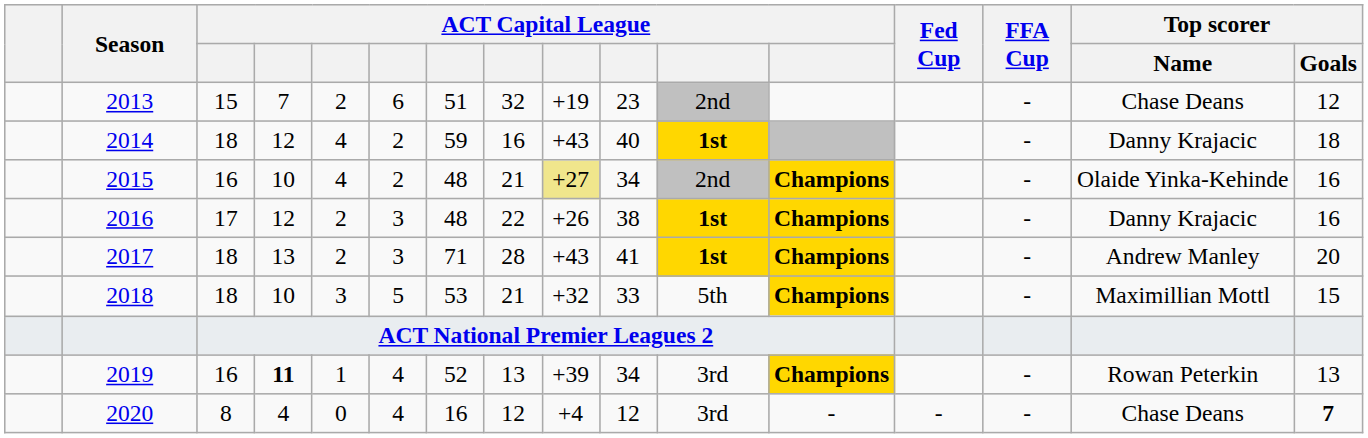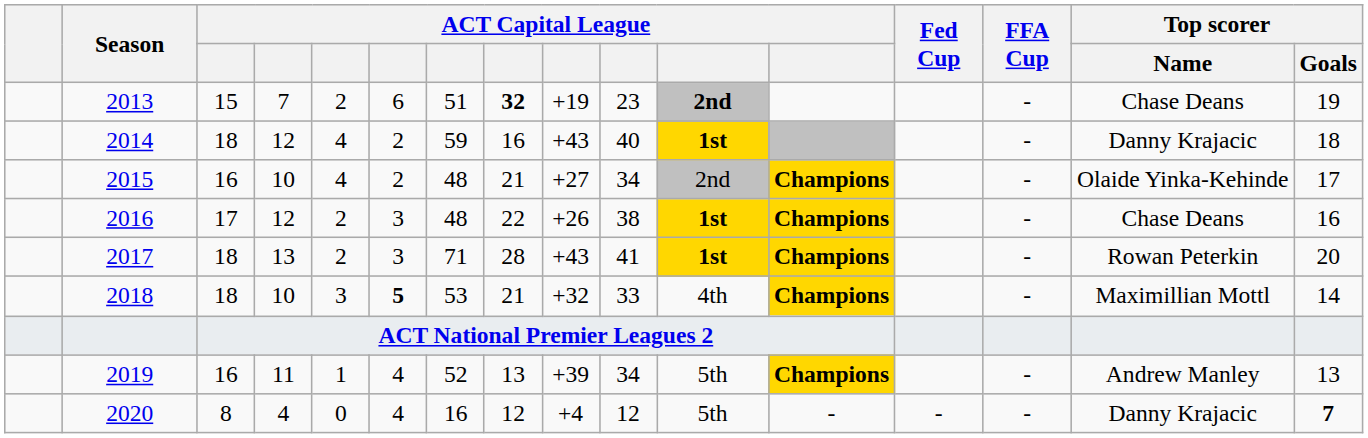 <table class="wikitable" style="text-align:center;font-size:95%;">
 <tr>
 <th rowspan="2" style="width:30px"></th>
 <th rowspan="2" style="width:80px">Season</th>
 <th colspan="10"><a href='#'>ACT Capital League</a></th>
 <th rowspan="2" width="50px"><a href='#'>Fed<br>Cup</a></th>
 <th rowspan="2" width="50px"><a href='#'>FFA<br>Cup</a></th>
 <th colspan="2">Top scorer</th>
 </tr>
 <tr>
 <th width=30></th>
 <th width=30></th>
 <th width=30></th>
 <th width=30></th>
 <th width=30></th>
 <th width=30></th>
 <th width=30></th>
 <th width=30></th>
 <th width=65></th>
 <th width=65></th>
 <th>Name</th>
 <th>Goals</th>
 </tr>
 <tr>
 <td></td>
 <td><a href='#'>2013</a></td>
 <td>15</td>
 <td>7</td>
 <td>2</td>
 <td>6</td>
 <td>51</td>
-<td>32</td>
+<td><strong>32</strong></td>
 <td>+19</td>
 <td>23</td>
-<td bgcolor="silver">2nd</td>
+<td bgcolor="silver"><strong>2nd</strong></td>
 <td></td>
 <td></td>
 <td>-</td>
 <td>Chase Deans</td>
-<td>12</td>
+<td>19</td>
 </tr>
 <tr>
 <td></td>
 <td><a href='#'>2014</a></td>
 <td>18</td>
 <td>12</td>
 <td>4</td>
 <td>2</td>
 <td>59</td>
 <td>16</td>
 <td>+43</td>
 <td>40</td>
 <td bgcolor="gold"><strong>1st</strong></td>
 <td bgcolor="silver"></td>
 <td></td>
 <td>-</td>
 <td>Danny Krajacic</td>
 <td>18</td>
 </tr>
 <tr>
 <td></td>
 <td><a href='#'>2015</a></td>
 <td>16</td>
 <td>10</td>
 <td>4</td>
 <td>2</td>
 <td>48</td>
 <td>21</td>
-<td style="background: khaki;">+27</td>
+<td>+27</td>
 <td>34</td>
 <td bgcolor="silver">2nd</td>
 <td bgcolor="gold"><strong>Champions</strong></td>
 <td></td>
 <td>-</td>
 <td>Olaide Yinka-Kehinde</td>
-<td>16</td>
+<td>17</td>
 </tr>
 <tr>
 <td></td>
 <td><a href='#'>2016</a></td>
 <td>17</td>
 <td>12</td>
 <td>2</td>
 <td>3</td>
 <td>48</td>
 <td>22</td>
 <td>+26</td>
 <td>38</td>
 <td bgcolor="gold"><strong>1st</strong></td>
 <td bgcolor="gold"><strong>Champions</strong></td>
 <td></td>
 <td>-</td>
-<td>Danny Krajacic</td>
+<td>Chase Deans</td>
 <td>16</td>
 </tr>
 <tr>
 <td></td>
 <td><a href='#'>2017</a></td>
 <td>18</td>
 <td>13</td>
 <td>2</td>
 <td>3</td>
 <td>71</td>
 <td>28</td>
 <td>+43</td>
 <td>41</td>
 <td bgcolor="gold"><strong>1st</strong></td>
 <td bgcolor="gold"><strong>Champions</strong></td>
 <td></td>
 <td>-</td>
-<td>Andrew Manley</td>
+<td>Rowan Peterkin</td>
 <td>20</td>
 </tr>
 <tr>
 <td></td>
 <td><a href='#'>2018</a></td>
 <td>18</td>
 <td>10</td>
 <td>3</td>
-<td>5</td>
+<td><strong>5</strong></td>
 <td>53</td>
 <td>21</td>
 <td>+32</td>
 <td>33</td>
-<td>5th</td>
+<td>4th</td>
 <td bgcolor="gold"><strong>Champions</strong></td>
 <td></td>
 <td>-</td>
 <td>Maximillian Mottl</td>
-<td>15</td>
+<td>14</td>
 </tr>
 <tr>
 <td style="background: #E9EDF0;"></td>
 <td style="background: #E9EDF0;"></td>
 <td style="background: #E9EDF0;" colspan="10"><a href='#'><strong>ACT National Premier Leagues 2</strong></a></td>
 <td style="background: #E9EDF0;"></td>
 <td style="background: #E9EDF0;"></td>
 <td style="background: #E9EDF0;"></td>
 <td style="background: #E9EDF0;"></td>
 </tr>
 <tr>
 <td></td>
 <td><a href='#'>2019</a></td>
 <td>16</td>
-<td><strong>11</strong></td>
+<td>11</td>
 <td>1</td>
 <td>4</td>
 <td>52</td>
 <td>13</td>
 <td>+39</td>
 <td>34</td>
-<td>3rd</td>
+<td>5th</td>
 <td bgcolor="gold"><strong>Champions</strong></td>
 <td></td>
 <td>-</td>
-<td>Rowan Peterkin</td>
+<td>Andrew Manley</td>
 <td>13</td>
 </tr>
 <tr>
 <td></td>
 <td><a href='#'>2020</a></td>
 <td>8</td>
 <td>4</td>
 <td>0</td>
 <td>4</td>
 <td>16</td>
 <td>12</td>
 <td>+4</td>
 <td>12</td>
-<td>3rd</td>
+<td>5th</td>
 <td>-</td>
 <td>-</td>
 <td>-</td>
-<td>Chase Deans</td>
+<td>Danny Krajacic</td>
 <td><strong>7</strong></td>
 </tr>
 </table>
